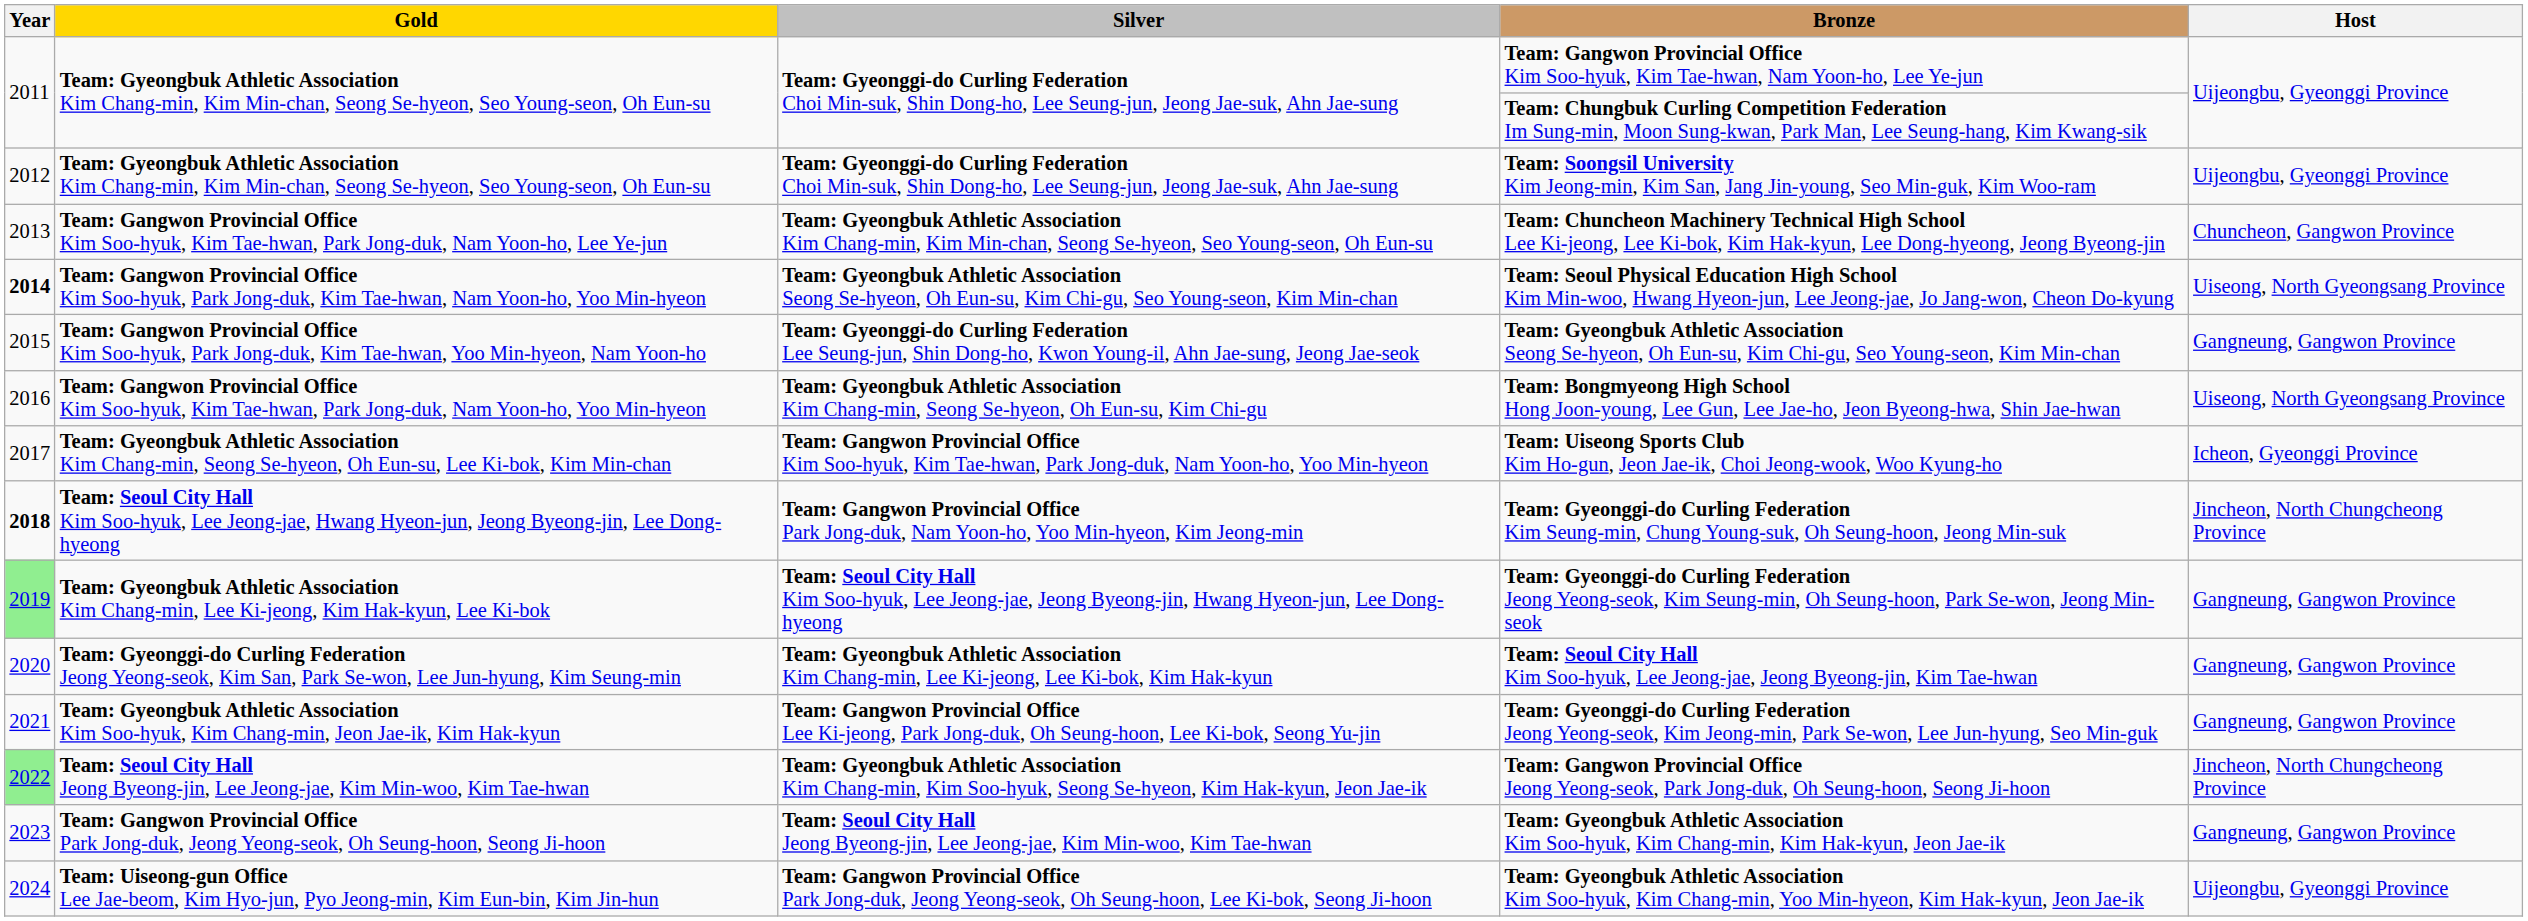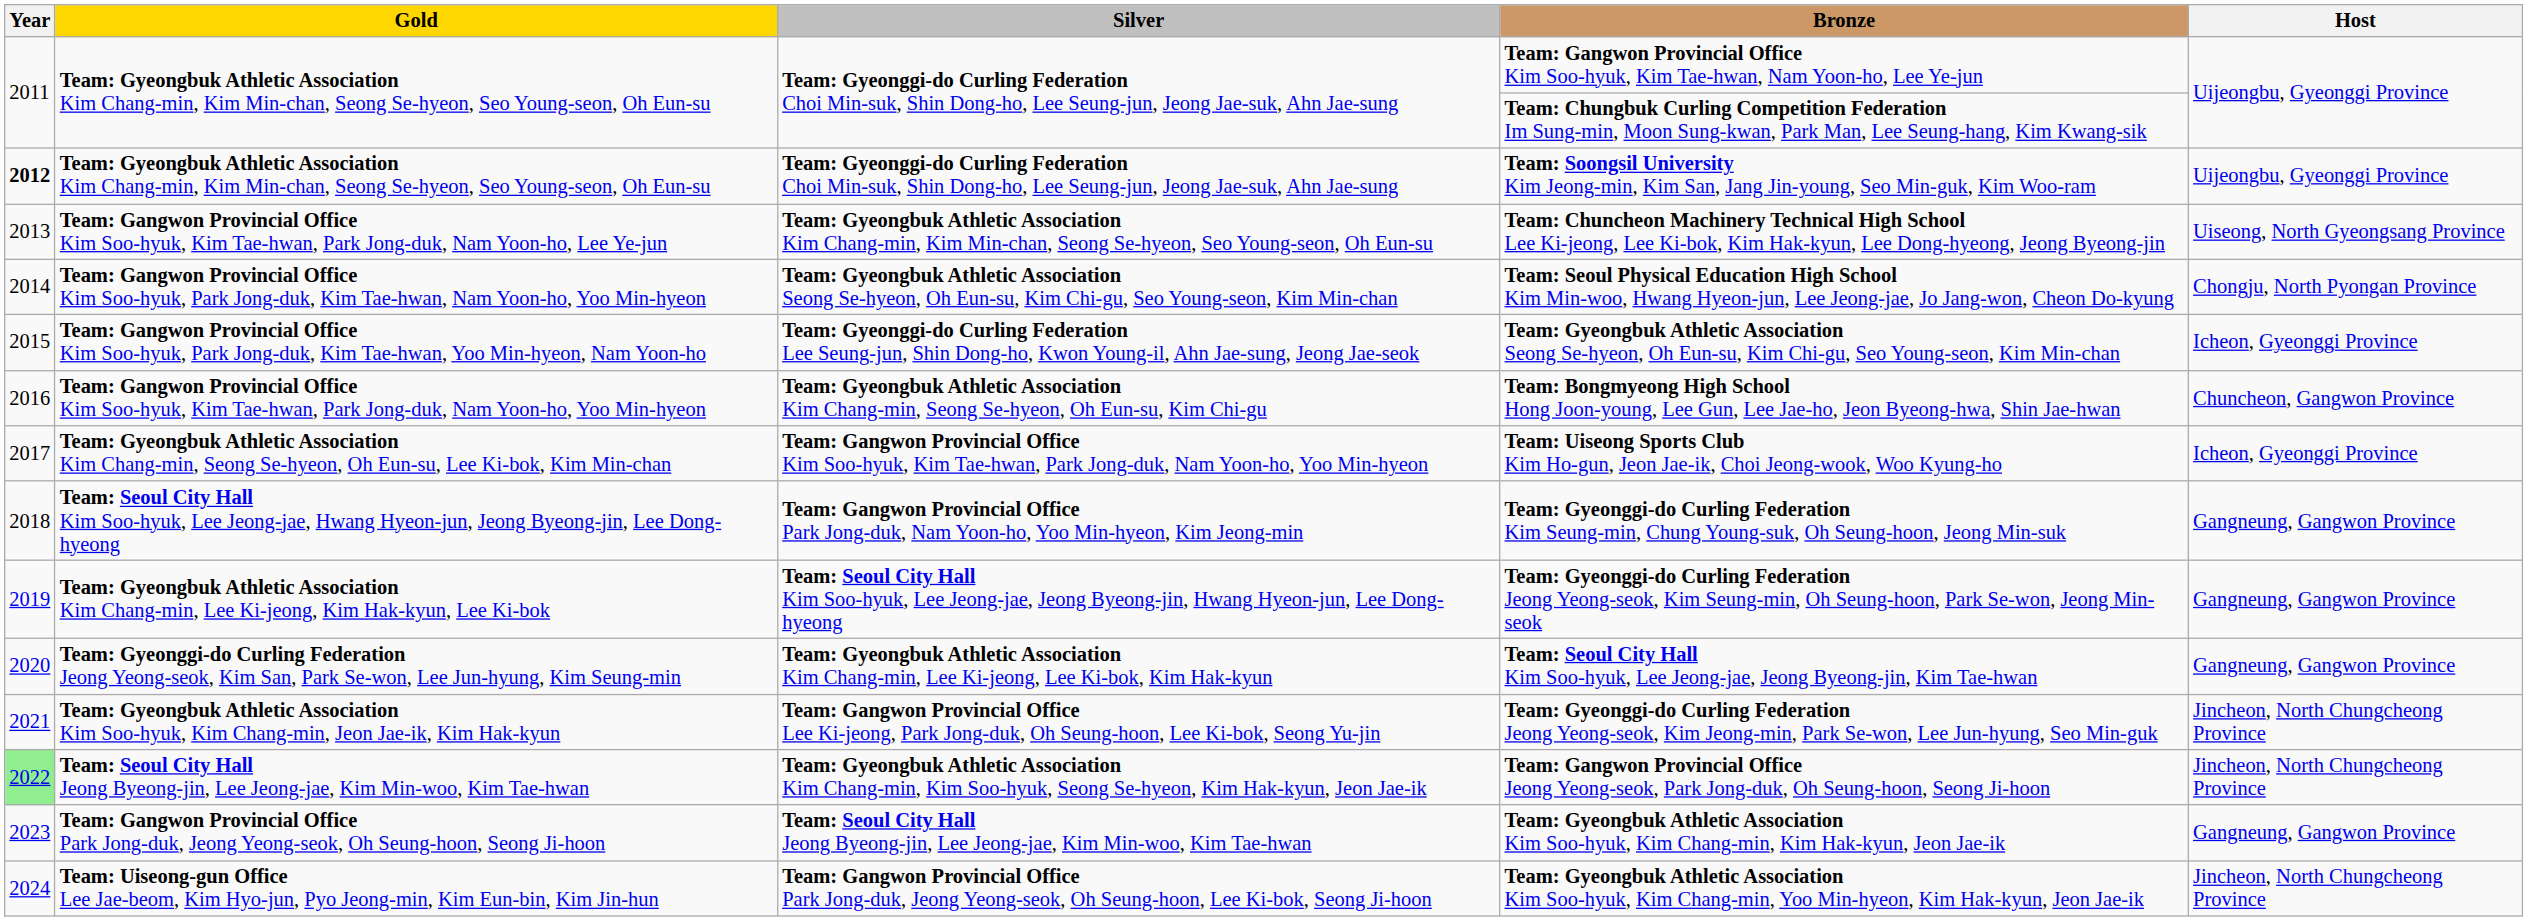 <table class="wikitable">
 <tr>
 <th>Year</th>
 <th style="background:gold;">Gold</th>
 <th style="background:silver;">Silver</th>
 <th style="background:#c96;">Bronze</th>
 <th>Host</th>
 </tr>
 <tr>
 <td rowspan=2>2011</td>
 <td rowspan=2><strong>Team:</strong> <strong> Gyeongbuk Athletic Association</strong><br><a href='#'>Kim Chang-min</a>, <a href='#'>Kim Min-chan</a>, <a href='#'>Seong Se-hyeon</a>, <a href='#'>Seo Young-seon</a>, <a href='#'>Oh Eun-su</a></td>
 <td rowspan=2><strong>Team:</strong> <strong> Gyeonggi-do Curling Federation</strong><br><a href='#'>Choi Min-suk</a>, <a href='#'>Shin Dong-ho</a>, <a href='#'>Lee Seung-jun</a>, <a href='#'>Jeong Jae-suk</a>, <a href='#'>Ahn Jae-sung</a></td>
 <td><strong>Team:</strong> <strong> Gangwon Provincial Office</strong><br><a href='#'>Kim Soo-hyuk</a>, <a href='#'>Kim Tae-hwan</a>, <a href='#'>Nam Yoon-ho</a>, <a href='#'>Lee Ye-jun</a></td>
 <td rowspan=2><a href='#'>Uijeongbu</a>, <a href='#'>Gyeonggi Province</a></td>
 </tr>
 <tr>
 <td><strong>Team:</strong> <strong> Chungbuk Curling Competition Federation</strong><br><a href='#'>Im Sung-min</a>, <a href='#'>Moon Sung-kwan</a>, <a href='#'>Park Man</a>, <a href='#'>Lee Seung-hang</a>, <a href='#'>Kim Kwang-sik</a></td>
 </tr>
 <tr>
-<td>2012</td>
+<td><strong>2012</strong></td>
 <td><strong>Team:</strong> <strong> Gyeongbuk Athletic Association</strong><br><a href='#'>Kim Chang-min</a>, <a href='#'>Kim Min-chan</a>, <a href='#'>Seong Se-hyeon</a>, <a href='#'>Seo Young-seon</a>, <a href='#'>Oh Eun-su</a></td>
 <td><strong>Team:</strong> <strong> Gyeonggi-do Curling Federation</strong><br><a href='#'>Choi Min-suk</a>, <a href='#'>Shin Dong-ho</a>, <a href='#'>Lee Seung-jun</a>, <a href='#'>Jeong Jae-suk</a>, <a href='#'>Ahn Jae-sung</a></td>
 <td><strong>Team:</strong> <strong> <a href='#'>Soongsil University</a></strong><br><a href='#'>Kim Jeong-min</a>, <a href='#'>Kim San</a>, <a href='#'>Jang Jin-young</a>, <a href='#'>Seo Min-guk</a>, <a href='#'>Kim Woo-ram</a></td>
 <td><a href='#'>Uijeongbu</a>, <a href='#'>Gyeonggi Province</a></td>
 </tr>
 <tr>
 <td>2013</td>
 <td><strong>Team:</strong> <strong> Gangwon Provincial Office</strong><br><a href='#'>Kim Soo-hyuk</a>, <a href='#'>Kim Tae-hwan</a>, <a href='#'>Park Jong-duk</a>, <a href='#'>Nam Yoon-ho</a>, <a href='#'>Lee Ye-jun</a></td>
 <td><strong>Team:</strong> <strong> Gyeongbuk Athletic Association</strong><br><a href='#'>Kim Chang-min</a>, <a href='#'>Kim Min-chan</a>, <a href='#'>Seong Se-hyeon</a>, <a href='#'>Seo Young-seon</a>, <a href='#'>Oh Eun-su</a></td>
 <td><strong>Team:</strong> <strong> Chuncheon Machinery Technical High School</strong><br><a href='#'>Lee Ki-jeong</a>, <a href='#'>Lee Ki-bok</a>, <a href='#'>Kim Hak-kyun</a>, <a href='#'>Lee Dong-hyeong</a>, <a href='#'>Jeong Byeong-jin</a></td>
-<td><a href='#'>Chuncheon</a>, <a href='#'>Gangwon Province</a></td>
+<td><a href='#'>Uiseong</a>, <a href='#'>North Gyeongsang Province</a></td>
 </tr>
 <tr>
-<td><strong>2014</strong></td>
+<td>2014</td>
 <td><strong>Team:</strong> <strong> Gangwon Provincial Office</strong><br><a href='#'>Kim Soo-hyuk</a>, <a href='#'>Park Jong-duk</a>, <a href='#'>Kim Tae-hwan</a>, <a href='#'>Nam Yoon-ho</a>, <a href='#'>Yoo Min-hyeon</a></td>
 <td><strong>Team:</strong> <strong> Gyeongbuk Athletic Association</strong><br><a href='#'>Seong Se-hyeon</a>, <a href='#'>Oh Eun-su</a>, <a href='#'>Kim Chi-gu</a>, <a href='#'>Seo Young-seon</a>, <a href='#'>Kim Min-chan</a></td>
 <td><strong>Team:</strong> <strong> Seoul Physical Education High School</strong><br><a href='#'>Kim Min-woo</a>, <a href='#'>Hwang Hyeon-jun</a>, <a href='#'>Lee Jeong-jae</a>, <a href='#'>Jo Jang-won</a>, <a href='#'>Cheon Do-kyung</a></td>
-<td><a href='#'>Uiseong</a>, <a href='#'>North Gyeongsang Province</a></td>
+<td><a href='#'>Chongju</a>, <a href='#'>North Pyongan Province</a></td>
 </tr>
 <tr>
 <td>2015</td>
 <td><strong>Team:</strong> <strong> Gangwon Provincial Office</strong><br><a href='#'>Kim Soo-hyuk</a>, <a href='#'>Park Jong-duk</a>, <a href='#'>Kim Tae-hwan</a>, <a href='#'>Yoo Min-hyeon</a>, <a href='#'>Nam Yoon-ho</a></td>
 <td><strong>Team:</strong> <strong> Gyeonggi-do Curling Federation</strong><br><a href='#'>Lee Seung-jun</a>, <a href='#'>Shin Dong-ho</a>, <a href='#'>Kwon Young-il</a>, <a href='#'>Ahn Jae-sung</a>, <a href='#'>Jeong Jae-seok</a></td>
 <td><strong>Team:</strong> <strong> Gyeongbuk Athletic Association</strong><br><a href='#'>Seong Se-hyeon</a>, <a href='#'>Oh Eun-su</a>, <a href='#'>Kim Chi-gu</a>, <a href='#'>Seo Young-seon</a>, <a href='#'>Kim Min-chan</a></td>
-<td><a href='#'>Gangneung</a>, <a href='#'>Gangwon Province</a></td>
+<td><a href='#'>Icheon</a>, <a href='#'>Gyeonggi Province</a></td>
 </tr>
 <tr>
 <td>2016</td>
 <td><strong>Team:</strong> <strong> Gangwon Provincial Office</strong><br><a href='#'>Kim Soo-hyuk</a>, <a href='#'>Kim Tae-hwan</a>, <a href='#'>Park Jong-duk</a>, <a href='#'>Nam Yoon-ho</a>, <a href='#'>Yoo Min-hyeon</a></td>
 <td><strong>Team:</strong> <strong> Gyeongbuk Athletic Association</strong><br><a href='#'>Kim Chang-min</a>, <a href='#'>Seong Se-hyeon</a>, <a href='#'>Oh Eun-su</a>, <a href='#'>Kim Chi-gu</a></td>
 <td><strong>Team:</strong> <strong> Bongmyeong High School</strong><br><a href='#'>Hong Joon-young</a>, <a href='#'>Lee Gun</a>, <a href='#'>Lee Jae-ho</a>, <a href='#'>Jeon Byeong-hwa</a>, <a href='#'>Shin Jae-hwan</a></td>
-<td><a href='#'>Uiseong</a>, <a href='#'>North Gyeongsang Province</a></td>
+<td><a href='#'>Chuncheon</a>, <a href='#'>Gangwon Province</a></td>
 </tr>
 <tr>
 <td>2017</td>
 <td><strong>Team:</strong> <strong> Gyeongbuk Athletic Association</strong><br><a href='#'>Kim Chang-min</a>, <a href='#'>Seong Se-hyeon</a>, <a href='#'>Oh Eun-su</a>, <a href='#'>Lee Ki-bok</a>, <a href='#'>Kim Min-chan</a></td>
 <td><strong>Team:</strong> <strong> Gangwon Provincial Office</strong><br><a href='#'>Kim Soo-hyuk</a>, <a href='#'>Kim Tae-hwan</a>, <a href='#'>Park Jong-duk</a>, <a href='#'>Nam Yoon-ho</a>, <a href='#'>Yoo Min-hyeon</a></td>
 <td><strong>Team:</strong> <strong> Uiseong Sports Club</strong><br><a href='#'>Kim Ho-gun</a>, <a href='#'>Jeon Jae-ik</a>, <a href='#'>Choi Jeong-wook</a>, <a href='#'>Woo Kyung-ho</a></td>
 <td><a href='#'>Icheon</a>, <a href='#'>Gyeonggi Province</a></td>
 </tr>
 <tr>
-<td><strong>2018</strong></td>
+<td>2018</td>
 <td><strong>Team:</strong> <strong> <a href='#'>Seoul City Hall</a></strong><br><a href='#'>Kim Soo-hyuk</a>, <a href='#'>Lee Jeong-jae</a>, <a href='#'>Hwang Hyeon-jun</a>, <a href='#'>Jeong Byeong-jin</a>, <a href='#'>Lee Dong-hyeong</a></td>
 <td><strong>Team:</strong> <strong> Gangwon Provincial Office</strong><br><a href='#'>Park Jong-duk</a>, <a href='#'>Nam Yoon-ho</a>, <a href='#'>Yoo Min-hyeon</a>, <a href='#'>Kim Jeong-min</a></td>
 <td><strong>Team:</strong> <strong> Gyeonggi-do Curling Federation</strong><br><a href='#'>Kim Seung-min</a>, <a href='#'>Chung Young-suk</a>, <a href='#'>Oh Seung-hoon</a>, <a href='#'>Jeong Min-suk</a></td>
-<td><a href='#'>Jincheon</a>, <a href='#'>North Chungcheong Province</a></td>
+<td><a href='#'>Gangneung</a>, <a href='#'>Gangwon Province</a></td>
 </tr>
 <tr>
-<td style="background: lightgreen;"><a href='#'>2019</a></td>
+<td><a href='#'>2019</a></td>
 <td><strong>Team:</strong> <strong> Gyeongbuk Athletic Association</strong><br><a href='#'>Kim Chang-min</a>, <a href='#'>Lee Ki-jeong</a>, <a href='#'>Kim Hak-kyun</a>, <a href='#'>Lee Ki-bok</a></td>
 <td><strong>Team:</strong> <strong> <a href='#'>Seoul City Hall</a></strong><br><a href='#'>Kim Soo-hyuk</a>, <a href='#'>Lee Jeong-jae</a>, <a href='#'>Jeong Byeong-jin</a>, <a href='#'>Hwang Hyeon-jun</a>, <a href='#'>Lee Dong-hyeong</a></td>
 <td><strong>Team:</strong> <strong> Gyeonggi-do Curling Federation</strong><br><a href='#'>Jeong Yeong-seok</a>, <a href='#'>Kim Seung-min</a>, <a href='#'>Oh Seung-hoon</a>, <a href='#'>Park Se-won</a>, <a href='#'>Jeong Min-seok</a></td>
 <td><a href='#'>Gangneung</a>, <a href='#'>Gangwon Province</a></td>
 </tr>
 <tr>
 <td><a href='#'>2020</a></td>
 <td><strong>Team:</strong> <strong> Gyeonggi-do Curling Federation</strong><br><a href='#'>Jeong Yeong-seok</a>, <a href='#'>Kim San</a>, <a href='#'>Park Se-won</a>, <a href='#'>Lee Jun-hyung</a>, <a href='#'>Kim Seung-min</a></td>
 <td><strong>Team:</strong> <strong> Gyeongbuk Athletic Association</strong><br><a href='#'>Kim Chang-min</a>, <a href='#'>Lee Ki-jeong</a>, <a href='#'>Lee Ki-bok</a>, <a href='#'>Kim Hak-kyun</a></td>
 <td><strong>Team:</strong> <strong> <a href='#'>Seoul City Hall</a></strong><br><a href='#'>Kim Soo-hyuk</a>, <a href='#'>Lee Jeong-jae</a>, <a href='#'>Jeong Byeong-jin</a>, <a href='#'>Kim Tae-hwan</a></td>
 <td><a href='#'>Gangneung</a>, <a href='#'>Gangwon Province</a></td>
 </tr>
 <tr>
 <td><a href='#'>2021</a></td>
 <td><strong>Team:</strong> <strong> Gyeongbuk Athletic Association</strong><br><a href='#'>Kim Soo-hyuk</a>, <a href='#'>Kim Chang-min</a>, <a href='#'>Jeon Jae-ik</a>, <a href='#'>Kim Hak-kyun</a></td>
 <td><strong>Team:</strong> <strong> Gangwon Provincial Office</strong><br><a href='#'>Lee Ki-jeong</a>, <a href='#'>Park Jong-duk</a>, <a href='#'>Oh Seung-hoon</a>, <a href='#'>Lee Ki-bok</a>, <a href='#'>Seong Yu-jin</a></td>
 <td><strong>Team:</strong> <strong> Gyeonggi-do Curling Federation</strong><br><a href='#'>Jeong Yeong-seok</a>, <a href='#'>Kim Jeong-min</a>, <a href='#'>Park Se-won</a>, <a href='#'>Lee Jun-hyung</a>, <a href='#'>Seo Min-guk</a></td>
-<td><a href='#'>Gangneung</a>, <a href='#'>Gangwon Province</a></td>
+<td><a href='#'>Jincheon</a>, <a href='#'>North Chungcheong Province</a></td>
 </tr>
 <tr>
 <td style="background: lightgreen;"><a href='#'>2022</a></td>
 <td><strong>Team:</strong> <strong> <a href='#'>Seoul City Hall</a></strong><br><a href='#'>Jeong Byeong-jin</a>, <a href='#'>Lee Jeong-jae</a>, <a href='#'>Kim Min-woo</a>, <a href='#'>Kim Tae-hwan</a></td>
 <td><strong>Team:</strong> <strong> Gyeongbuk Athletic Association</strong><br><a href='#'>Kim Chang-min</a>, <a href='#'>Kim Soo-hyuk</a>, <a href='#'>Seong Se-hyeon</a>, <a href='#'>Kim Hak-kyun</a>, <a href='#'>Jeon Jae-ik</a></td>
 <td><strong>Team:</strong> <strong> Gangwon Provincial Office</strong><br><a href='#'>Jeong Yeong-seok</a>, <a href='#'>Park Jong-duk</a>, <a href='#'>Oh Seung-hoon</a>, <a href='#'>Seong Ji-hoon</a></td>
 <td><a href='#'>Jincheon</a>, <a href='#'>North Chungcheong Province</a></td>
 </tr>
 <tr>
 <td><a href='#'>2023</a></td>
 <td><strong>Team:</strong> <strong> Gangwon Provincial Office</strong><br><a href='#'>Park Jong-duk</a>, <a href='#'>Jeong Yeong-seok</a>, <a href='#'>Oh Seung-hoon</a>, <a href='#'>Seong Ji-hoon</a></td>
 <td><strong>Team:</strong> <strong> <a href='#'>Seoul City Hall</a></strong><br><a href='#'>Jeong Byeong-jin</a>, <a href='#'>Lee Jeong-jae</a>, <a href='#'>Kim Min-woo</a>, <a href='#'>Kim Tae-hwan</a></td>
 <td><strong>Team:</strong> <strong> Gyeongbuk Athletic Association</strong><br><a href='#'>Kim Soo-hyuk</a>, <a href='#'>Kim Chang-min</a>, <a href='#'>Kim Hak-kyun</a>, <a href='#'>Jeon Jae-ik</a></td>
 <td><a href='#'>Gangneung</a>, <a href='#'>Gangwon Province</a></td>
 </tr>
 <tr>
 <td><a href='#'>2024</a></td>
 <td><strong>Team:</strong> <strong> Uiseong-gun Office</strong><br><a href='#'>Lee Jae-beom</a>, <a href='#'>Kim Hyo-jun</a>, <a href='#'>Pyo Jeong-min</a>, <a href='#'>Kim Eun-bin</a>, <a href='#'>Kim Jin-hun</a></td>
 <td><strong>Team:</strong> <strong> Gangwon Provincial Office</strong><br><a href='#'>Park Jong-duk</a>, <a href='#'>Jeong Yeong-seok</a>, <a href='#'>Oh Seung-hoon</a>, <a href='#'>Lee Ki-bok</a>, <a href='#'>Seong Ji-hoon</a></td>
 <td><strong>Team:</strong> <strong> Gyeongbuk Athletic Association</strong><br><a href='#'>Kim Soo-hyuk</a>, <a href='#'>Kim Chang-min</a>, <a href='#'>Yoo Min-hyeon</a>, <a href='#'>Kim Hak-kyun</a>, <a href='#'>Jeon Jae-ik</a></td>
-<td><a href='#'>Uijeongbu</a>, <a href='#'>Gyeonggi Province</a></td>
+<td><a href='#'>Jincheon</a>, <a href='#'>North Chungcheong Province</a></td>
 </tr>
 </table>
